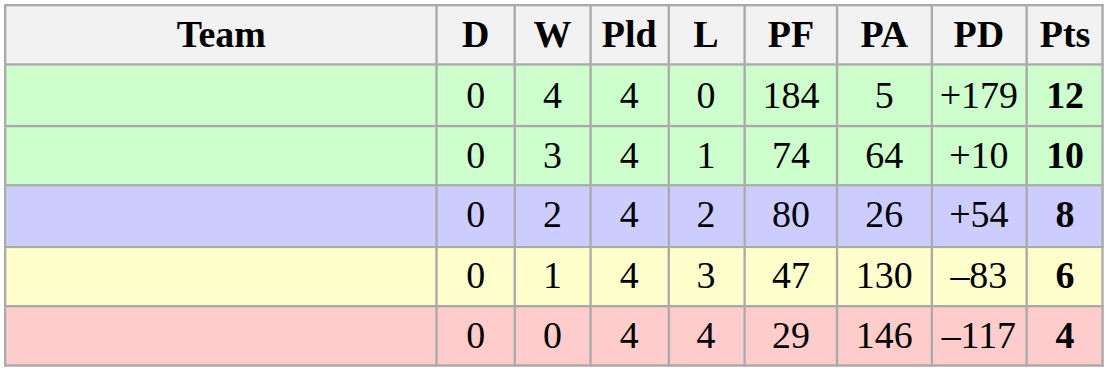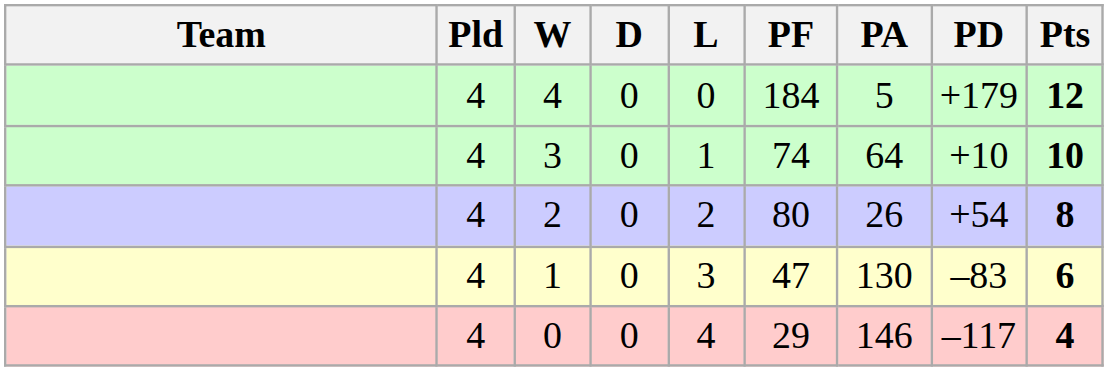 <table class="wikitable" style="text-align:center;">
 <tr>
 <th width=175>Team</th>
+<th width=25 abbr="Played">Pld</th>
+<th width=25 abbr="Won">W</th>
 <th width=25 abbr="Drawn">D</th>
-<th width=25 abbr="Won">W</th>
-<th width=25 abbr="Played">Pld</th>
 <th width=25 abbr="Lost">L</th>
 <th width=32 abbr="Points for">PF</th>
 <th width=32 abbr="Points against">PA</th>
 <th width=32 abbr="Points difference">PD</th>
 <th width=25 abbr="Points">Pts</th>
 </tr>
 <tr bgcolor=ccffcc>
 <td align=left></td>
-<td>0</td>
 <td>4</td>
 <td>4</td>
+<td>0</td>
 <td>0</td>
 <td>184</td>
 <td>5</td>
 <td>+179</td>
 <td><strong>12</strong></td>
 </tr>
 <tr bgcolor=ccffcc>
 <td align=left></td>
+<td>4</td>
+<td>3</td>
 <td>0</td>
-<td>3</td>
-<td>4</td>
 <td>1</td>
 <td>74</td>
 <td>64</td>
 <td>+10</td>
 <td><strong>10</strong></td>
 </tr>
 <tr bgcolor=ccccff>
 <td align=left></td>
+<td>4</td>
+<td>2</td>
 <td>0</td>
-<td>2</td>
-<td>4</td>
 <td>2</td>
 <td>80</td>
 <td>26</td>
 <td>+54</td>
 <td><strong>8</strong></td>
 </tr>
 <tr bgcolor=ffffcc>
 <td align=left></td>
+<td>4</td>
+<td>1</td>
 <td>0</td>
-<td>1</td>
-<td>4</td>
 <td>3</td>
 <td>47</td>
 <td>130</td>
 <td>–83</td>
 <td><strong>6</strong></td>
 </tr>
 <tr bgcolor=ffcccc>
 <td align=left></td>
+<td>4</td>
 <td>0</td>
 <td>0</td>
-<td>4</td>
 <td>4</td>
 <td>29</td>
 <td>146</td>
 <td>–117</td>
 <td><strong>4</strong></td>
 </tr>
 </table>
